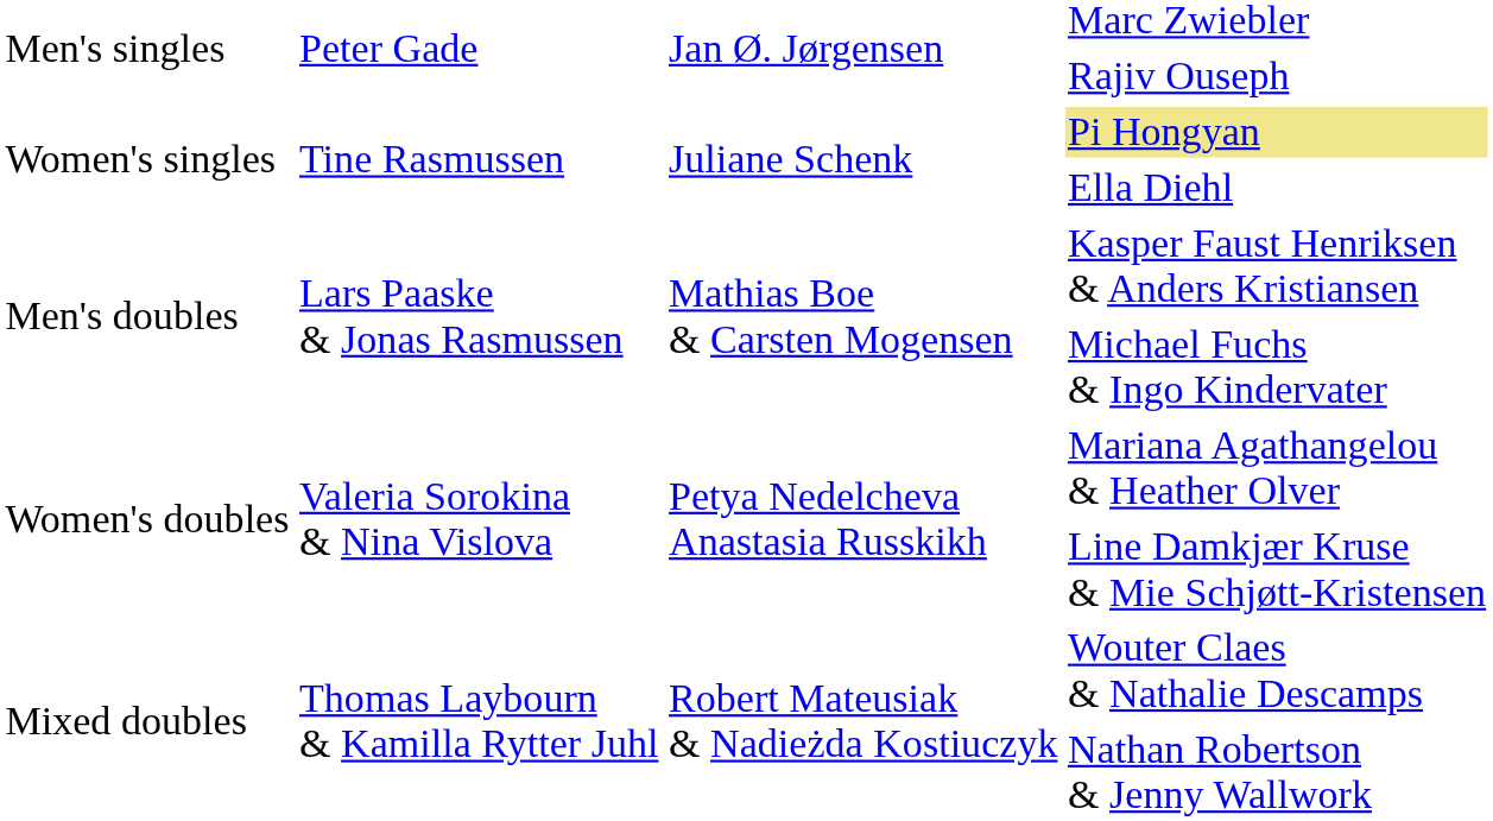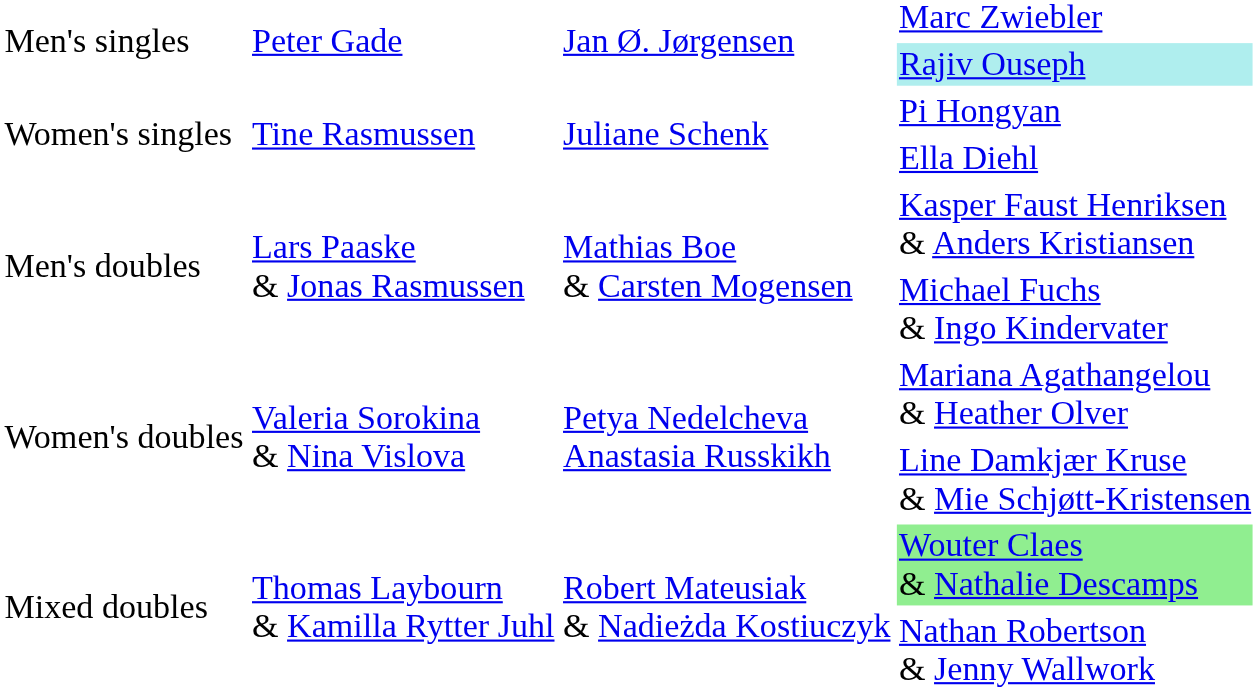 <table>
 <tr>
 <td rowspan=2>Men's singles</td>
 <td rowspan=2> <a href='#'>Peter Gade</a></td>
 <td rowspan=2> <a href='#'>Jan Ø. Jørgensen</a></td>
 <td> <a href='#'>Marc Zwiebler</a></td>
 </tr>
 <tr>
-<td> <a href='#'>Rajiv Ouseph</a></td>
+<td style="background: paleturquoise;"> <a href='#'>Rajiv Ouseph</a></td>
 </tr>
 <tr>
 <td rowspan=2>Women's singles</td>
 <td rowspan=2> <a href='#'>Tine Rasmussen</a></td>
 <td rowspan=2> <a href='#'>Juliane Schenk</a></td>
-<td style="background: khaki;"> <a href='#'>Pi Hongyan</a></td>
+<td> <a href='#'>Pi Hongyan</a></td>
 </tr>
 <tr>
 <td> <a href='#'>Ella Diehl</a></td>
 </tr>
 <tr>
 <td rowspan=2>Men's doubles</td>
 <td rowspan=2> <a href='#'>Lars Paaske</a><br>& <a href='#'>Jonas Rasmussen</a></td>
 <td rowspan=2> <a href='#'>Mathias Boe</a> <br>& <a href='#'>Carsten Mogensen</a></td>
 <td> <a href='#'>Kasper Faust Henriksen</a> <br>& <a href='#'>Anders Kristiansen</a></td>
 </tr>
 <tr>
 <td> <a href='#'>Michael Fuchs</a> <br>& <a href='#'>Ingo Kindervater</a></td>
 </tr>
 <tr>
 <td rowspan=2>Women's doubles</td>
 <td rowspan=2> <a href='#'>Valeria Sorokina</a><br>& <a href='#'>Nina Vislova</a></td>
 <td rowspan=2> <a href='#'>Petya Nedelcheva</a> <br> <a href='#'>Anastasia Russkikh</a></td>
 <td> <a href='#'>Mariana Agathangelou</a> <br>& <a href='#'>Heather Olver</a></td>
 </tr>
 <tr>
 <td> <a href='#'>Line Damkjær Kruse</a> <br>& <a href='#'>Mie Schjøtt-Kristensen</a></td>
 </tr>
 <tr>
 <td rowspan=2>Mixed doubles</td>
 <td rowspan=2> <a href='#'>Thomas Laybourn</a> <br>& <a href='#'>Kamilla Rytter Juhl</a></td>
 <td rowspan=2> <a href='#'>Robert Mateusiak</a><br>& <a href='#'>Nadieżda Kostiuczyk</a></td>
-<td> <a href='#'>Wouter Claes</a> <br>& <a href='#'>Nathalie Descamps</a></td>
+<td style="background: lightgreen;"> <a href='#'>Wouter Claes</a> <br>& <a href='#'>Nathalie Descamps</a></td>
 </tr>
 <tr>
 <td> <a href='#'>Nathan Robertson</a><br>& <a href='#'>Jenny Wallwork</a></td>
 </tr>
 </table>
